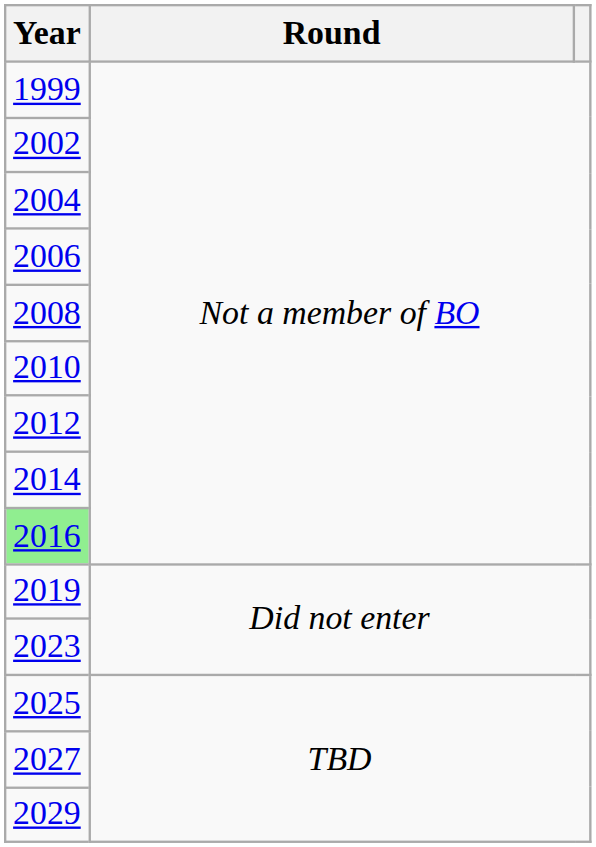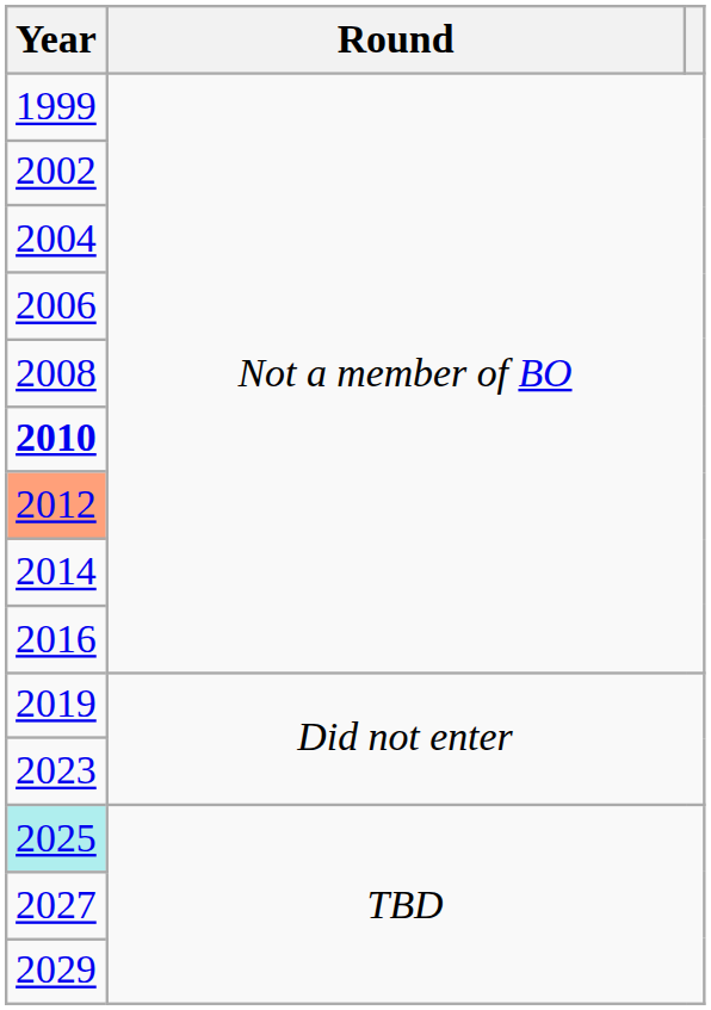 <table class="wikitable" style="text-align: center; font-size:90%">
 <tr>
 <th>Year</th>
 <th style="width:200px">Round</th>
 <th></th>
 </tr>
 <tr>
 <td><a href='#'>1999</a></td>
 <td colspan="2" rowspan="9"><em>Not a member of <a href='#'>BO</a></em></td>
 </tr>
 <tr>
 <td><a href='#'>2002</a></td>
 </tr>
 <tr>
 <td><a href='#'>2004</a></td>
 </tr>
 <tr>
 <td><a href='#'>2006</a></td>
 </tr>
 <tr>
 <td><a href='#'>2008</a></td>
 </tr>
 <tr>
-<td><a href='#'>2010</a></td>
+<td><strong><a href='#'>2010</a></strong></td>
 </tr>
 <tr>
-<td><a href='#'>2012</a></td>
+<td style="background: lightsalmon;"><a href='#'>2012</a></td>
 </tr>
 <tr>
 <td><a href='#'>2014</a></td>
 </tr>
 <tr>
-<td style="background: lightgreen;"><a href='#'>2016</a></td>
+<td><a href='#'>2016</a></td>
 </tr>
 <tr>
 <td><a href='#'>2019</a></td>
 <td colspan="2" rowspan="2"><em>Did not enter</em></td>
 </tr>
 <tr>
 <td><a href='#'>2023</a></td>
 </tr>
 <tr>
-<td><a href='#'>2025</a></td>
+<td style="background: paleturquoise;"><a href='#'>2025</a></td>
 <td colspan="2" rowspan="3"><em>TBD</em></td>
 </tr>
 <tr>
 <td><a href='#'>2027</a></td>
 </tr>
 <tr>
 <td><a href='#'>2029</a></td>
 </tr>
 </table>
